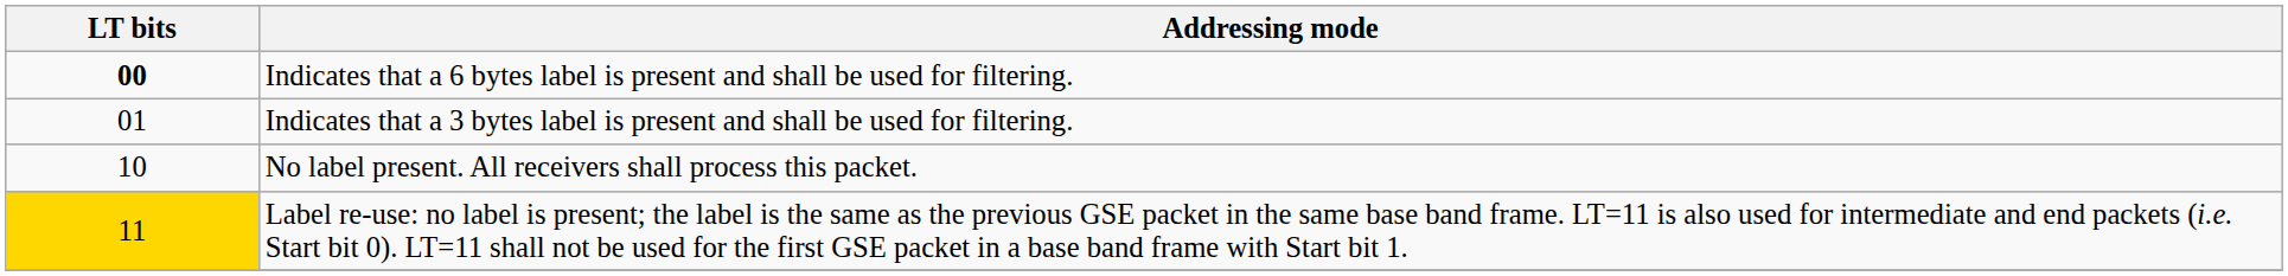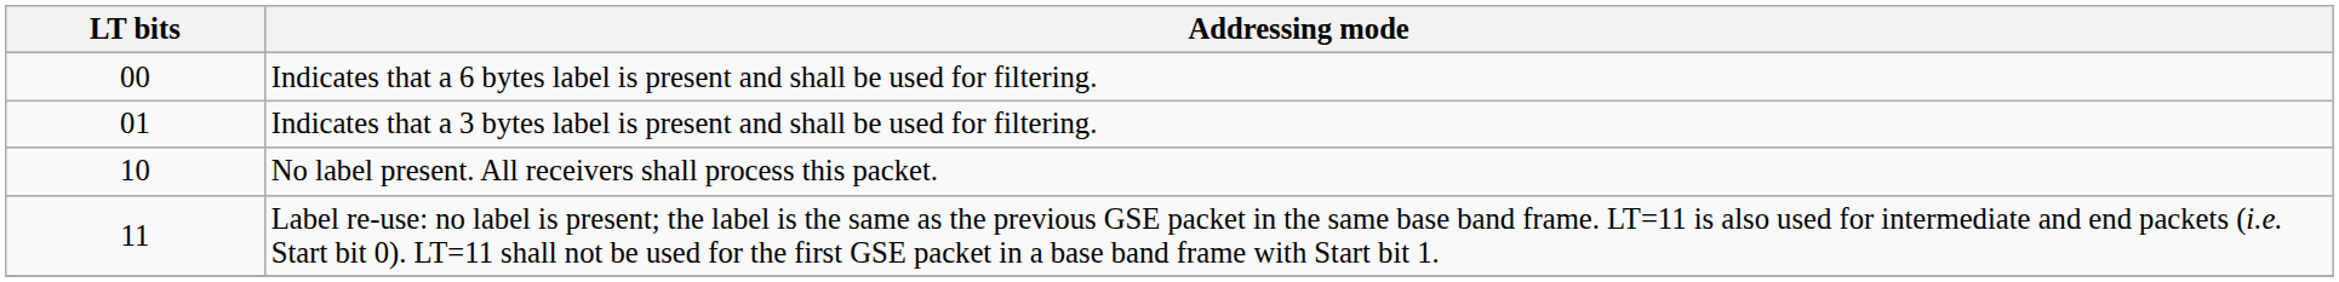 <table class="wikitable" style="text-align:center">
 <tr>
 <th width="10%">LT bits</th>
 <th width="80%">Addressing mode</th>
 </tr>
 <tr>
-<td><strong>00</strong></td>
+<td>00</td>
 <td style="text-align:left">Indicates that a 6 bytes label is present and shall be used for filtering.</td>
 </tr>
 <tr>
 <td>01</td>
 <td style="text-align:left">Indicates that a 3 bytes label is present and shall be used for filtering.</td>
 </tr>
 <tr>
 <td>10</td>
 <td style="text-align:left">No label present. All receivers shall process this packet.</td>
 </tr>
 <tr>
-<td style="background: gold;">11</td>
+<td>11</td>
 <td style="text-align:left">Label re-use: no label is present; the label is the same as the previous GSE packet in the same base band frame. LT=11 is also used for intermediate and end packets (<em>i.e.</em> Start bit 0). LT=11 shall not be used for the first GSE packet in a base band frame with Start bit 1.</td>
 </tr>
 <tr>
 </tr>
 </table>
